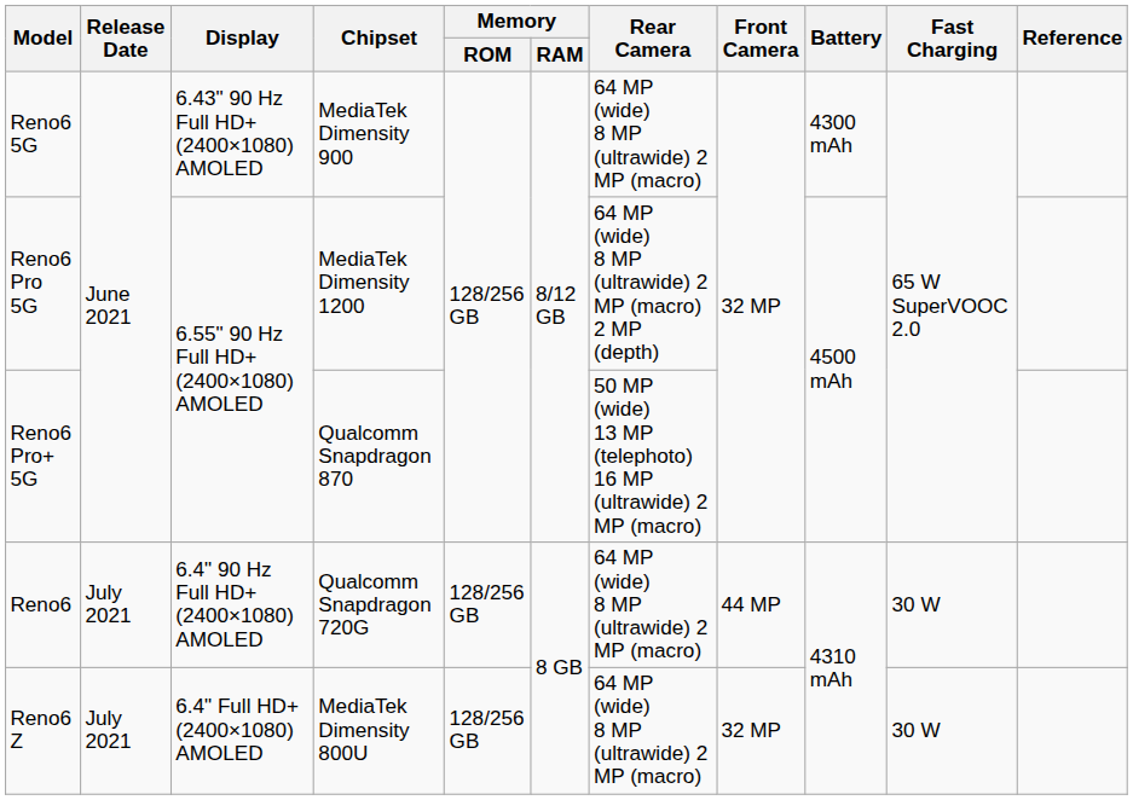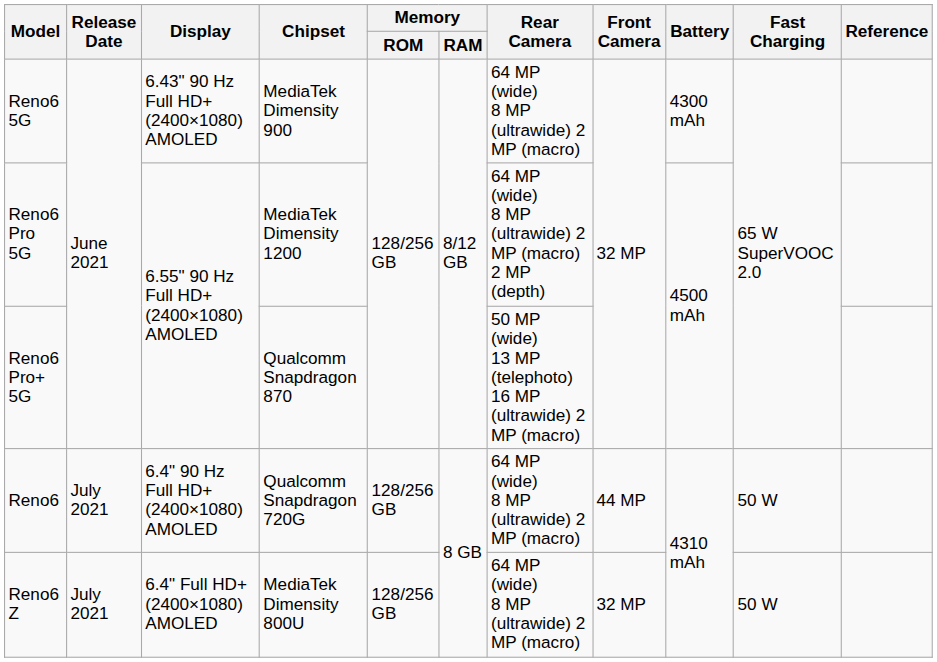 <table class="wikitable sortable">
 <tr>
 <th rowspan="2">Model</th>
 <th rowspan="2">Release Date</th>
 <th rowspan="2">Display</th>
 <th rowspan="2">Chipset</th>
 <th colspan="2">Memory</th>
 <th rowspan="2">Rear Camera</th>
 <th rowspan="2">Front Camera</th>
 <th rowspan="2">Battery</th>
 <th rowspan="2">Fast Charging</th>
 <th rowspan="2">Reference</th>
 </tr>
 <tr>
 <th>ROM</th>
 <th>RAM</th>
 </tr>
 <tr>
 <td>Reno6 5G</td>
 <td rowspan="3">June 2021</td>
 <td>6.43" 90 Hz Full HD+ (2400×1080) AMOLED</td>
 <td>MediaTek Dimensity 900</td>
 <td rowspan="3">128/256 GB</td>
 <td rowspan="3">8/12 GB</td>
 <td>64 MP (wide)<br>8 MP (ultrawide) 2 MP (macro)</td>
 <td rowspan="3">32 MP</td>
 <td>4300 mAh</td>
 <td rowspan="3">65 W SuperVOOC 2.0</td>
 <td></td>
 </tr>
 <tr>
 <td>Reno6 Pro 5G</td>
 <td rowspan="2">6.55" 90 Hz Full HD+ (2400×1080) AMOLED</td>
 <td>MediaTek Dimensity 1200</td>
 <td>64 MP (wide)<br>8 MP (ultrawide) 2 MP (macro) 2 MP (depth)</td>
 <td rowspan="2">4500 mAh</td>
 <td></td>
 </tr>
 <tr>
 <td>Reno6 Pro+ 5G</td>
 <td>Qualcomm Snapdragon 870</td>
 <td>50 MP (wide)<br>13 MP (telephoto) 16 MP (ultrawide) 2 MP (macro)</td>
 <td></td>
 </tr>
 <tr>
 <td>Reno6</td>
 <td>July 2021</td>
 <td>6.4" 90 Hz Full HD+ (2400×1080) AMOLED</td>
 <td>Qualcomm Snapdragon 720G</td>
 <td>128/256 GB</td>
 <td rowspan="2">8 GB</td>
 <td>64 MP (wide)<br>8 MP (ultrawide) 2 MP (macro)</td>
 <td>44 MP</td>
 <td rowspan="2">4310 mAh</td>
-<td>30 W</td>
+<td>50 W</td>
 <td></td>
 </tr>
 <tr>
 <td>Reno6 Z</td>
 <td>July 2021</td>
 <td>6.4" Full HD+ (2400×1080) AMOLED</td>
 <td>MediaTek Dimensity 800U</td>
 <td>128/256 GB</td>
 <td>64 MP (wide)<br>8 MP (ultrawide) 2 MP (macro)</td>
 <td>32 MP</td>
-<td>30 W</td>
+<td>50 W</td>
 <td></td>
 </tr>
 </table>
